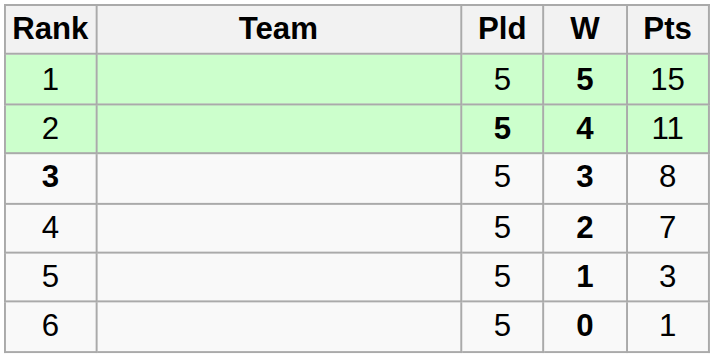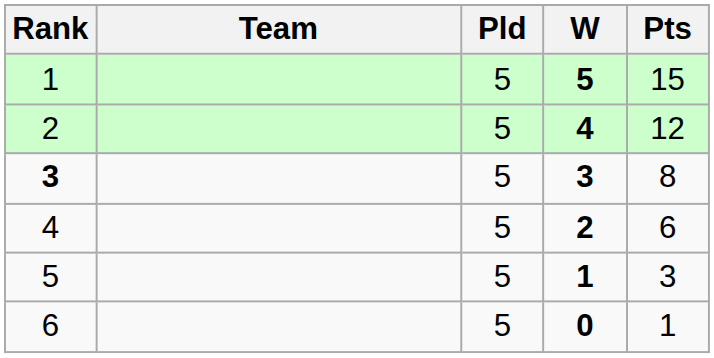 <table class="wikitable">
 <tr>
 </tr>
 <tr>
 <th style="width:35px;">Rank</th>
 <th style="width:180px;">Team</th>
 <th style="width:35px;">Pld</th>
 <th style="width:35px;">W</th>
 <th style="width:35px;">Pts</th>
 </tr>
 <tr bgcolor=#ccffcc>
 <td align=center>1</td>
 <td></td>
 <td align=center>5</td>
 <td align=center><strong>5</strong></td>
 <td align=center>15</td>
 </tr>
 <tr bgcolor=#ccffcc>
 <td align=center>2</td>
 <td></td>
-<td align=center><strong>5</strong></td>
+<td align=center>5</td>
 <td align=center><strong>4</strong></td>
-<td align=center>11</td>
+<td align=center>12</td>
 </tr>
 <tr>
 <td align=center><strong>3</strong></td>
 <td></td>
 <td align=center>5</td>
 <td align=center><strong>3</strong></td>
 <td align=center>8</td>
 </tr>
 <tr>
 <td align=center>4</td>
 <td></td>
 <td align=center>5</td>
 <td align=center><strong>2</strong></td>
-<td align=center>7</td>
+<td align=center>6</td>
 </tr>
 <tr>
 <td align=center>5</td>
 <td></td>
 <td align=center>5</td>
 <td align=center><strong>1</strong></td>
 <td align=center>3</td>
 </tr>
 <tr>
 <td align=center>6</td>
 <td></td>
 <td align=center>5</td>
 <td align=center><strong>0</strong></td>
 <td align=center>1</td>
 </tr>
 </table>
